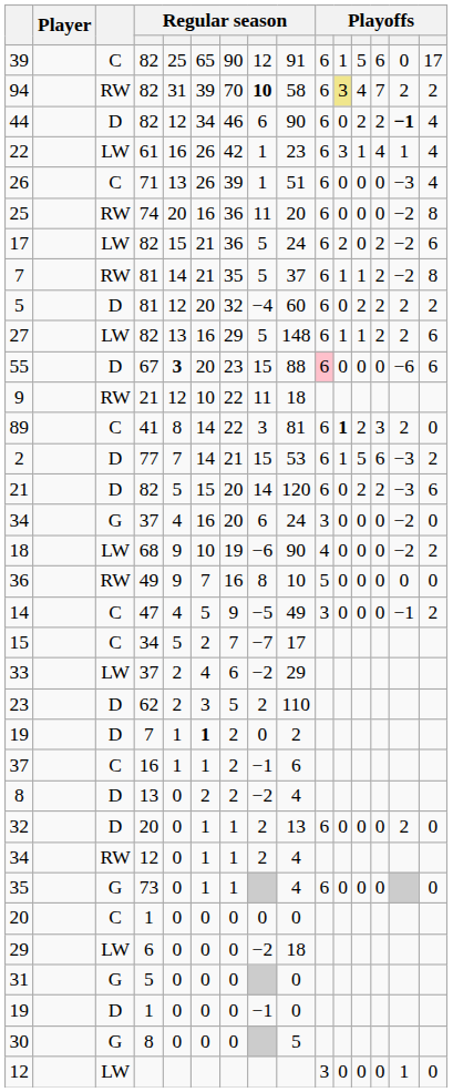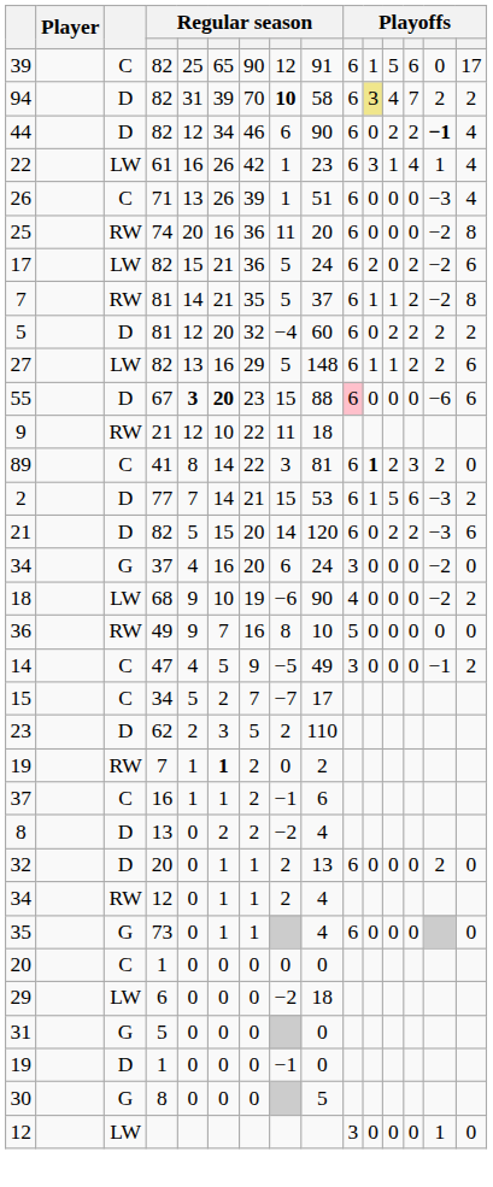 <table class="wikitable sortable plainrowheaders" style="text-align:center;">
 <tr>
 <th scope="col" data-sort-type="number" rowspan="2"></th>
 <th scope="col" rowspan="2">Player</th>
 <th scope="col" rowspan="2"></th>
 <th scope=colgroup colspan=6>Regular season</th>
 <th scope=colgroup colspan=6>Playoffs</th>
 </tr>
 <tr>
 <th scope="col" data-sort-type="number"></th>
 <th scope="col" data-sort-type="number"></th>
 <th scope="col" data-sort-type="number"></th>
 <th scope="col" data-sort-type="number"></th>
 <th scope="col" data-sort-type="number"></th>
 <th scope="col" data-sort-type="number"></th>
 <th scope="col" data-sort-type="number"></th>
 <th scope="col" data-sort-type="number"></th>
 <th scope="col" data-sort-type="number"></th>
 <th scope="col" data-sort-type="number"></th>
 <th scope="col" data-sort-type="number"></th>
 <th scope="col" data-sort-type="number"></th>
 </tr>
 <tr>
 <td scope="row">39</td>
 <td align="left"></td>
 <td>C</td>
 <td>82</td>
 <td>25</td>
 <td>65</td>
 <td>90</td>
 <td>12</td>
 <td>91</td>
 <td>6</td>
 <td>1</td>
 <td>5</td>
 <td>6</td>
 <td>0</td>
 <td>17</td>
 </tr>
 <tr>
 <td scope="row">94</td>
 <td align="left"></td>
-<td>RW</td>
+<td>D</td>
 <td>82</td>
 <td>31</td>
 <td>39</td>
 <td>70</td>
 <td><strong>10</strong></td>
 <td>58</td>
 <td>6</td>
 <td style="background: khaki;">3</td>
 <td>4</td>
 <td>7</td>
 <td>2</td>
 <td>2</td>
 </tr>
 <tr>
 <td scope="row">44</td>
 <td align="left"></td>
 <td>D</td>
 <td>82</td>
 <td>12</td>
 <td>34</td>
 <td>46</td>
 <td>6</td>
 <td>90</td>
 <td>6</td>
 <td>0</td>
 <td>2</td>
 <td>2</td>
 <td><strong>−1</strong></td>
 <td>4</td>
 </tr>
 <tr>
 <td scope="row">22</td>
 <td align="left"></td>
 <td>LW</td>
 <td>61</td>
 <td>16</td>
 <td>26</td>
 <td>42</td>
 <td>1</td>
 <td>23</td>
 <td>6</td>
 <td>3</td>
 <td>1</td>
 <td>4</td>
 <td>1</td>
 <td>4</td>
 </tr>
 <tr>
 <td scope="row">26</td>
 <td align="left"></td>
 <td>C</td>
 <td>71</td>
 <td>13</td>
 <td>26</td>
 <td>39</td>
 <td>1</td>
 <td>51</td>
 <td>6</td>
 <td>0</td>
 <td>0</td>
 <td>0</td>
 <td>−3</td>
 <td>4</td>
 </tr>
 <tr>
 <td scope="row">25</td>
 <td align="left"></td>
 <td>RW</td>
 <td>74</td>
 <td>20</td>
 <td>16</td>
 <td>36</td>
 <td>11</td>
 <td>20</td>
 <td>6</td>
 <td>0</td>
 <td>0</td>
 <td>0</td>
 <td>−2</td>
 <td>8</td>
 </tr>
 <tr>
 <td scope="row">17</td>
 <td align="left"></td>
 <td>LW</td>
 <td>82</td>
 <td>15</td>
 <td>21</td>
 <td>36</td>
 <td>5</td>
 <td>24</td>
 <td>6</td>
 <td>2</td>
 <td>0</td>
 <td>2</td>
 <td>−2</td>
 <td>6</td>
 </tr>
 <tr>
 <td scope="row">7</td>
 <td align="left"></td>
 <td>RW</td>
 <td>81</td>
 <td>14</td>
 <td>21</td>
 <td>35</td>
 <td>5</td>
 <td>37</td>
 <td>6</td>
 <td>1</td>
 <td>1</td>
 <td>2</td>
 <td>−2</td>
 <td>8</td>
 </tr>
 <tr>
 <td scope="row">5</td>
 <td align="left"></td>
 <td>D</td>
 <td>81</td>
 <td>12</td>
 <td>20</td>
 <td>32</td>
 <td>−4</td>
 <td>60</td>
 <td>6</td>
 <td>0</td>
 <td>2</td>
 <td>2</td>
 <td>2</td>
 <td>2</td>
 </tr>
 <tr>
 <td scope="row">27</td>
 <td align="left"></td>
 <td>LW</td>
 <td>82</td>
 <td>13</td>
 <td>16</td>
 <td>29</td>
 <td>5</td>
 <td>148</td>
 <td>6</td>
 <td>1</td>
 <td>1</td>
 <td>2</td>
 <td>2</td>
 <td>6</td>
 </tr>
 <tr>
 <td scope="row">55</td>
 <td align="left"></td>
 <td>D</td>
 <td>67</td>
 <td><strong>3</strong></td>
-<td>20</td>
+<td><strong>20</strong></td>
 <td>23</td>
 <td>15</td>
 <td>88</td>
 <td style="background: pink;">6</td>
 <td>0</td>
 <td>0</td>
 <td>0</td>
 <td>−6</td>
 <td>6</td>
 </tr>
 <tr>
 <td scope="row">9</td>
 <td align="left"></td>
 <td>RW</td>
 <td>21</td>
 <td>12</td>
 <td>10</td>
 <td>22</td>
 <td>11</td>
 <td>18</td>
 <td></td>
 <td></td>
 <td></td>
 <td></td>
 <td></td>
 <td></td>
 </tr>
 <tr>
 <td scope="row">89</td>
 <td align="left"></td>
 <td>C</td>
 <td>41</td>
 <td>8</td>
 <td>14</td>
 <td>22</td>
 <td>3</td>
 <td>81</td>
 <td>6</td>
 <td><strong>1</strong></td>
 <td>2</td>
 <td>3</td>
 <td>2</td>
 <td>0</td>
 </tr>
 <tr>
 <td scope="row">2</td>
 <td align="left"></td>
 <td>D</td>
 <td>77</td>
 <td>7</td>
 <td>14</td>
 <td>21</td>
 <td>15</td>
 <td>53</td>
 <td>6</td>
 <td>1</td>
 <td>5</td>
 <td>6</td>
 <td>−3</td>
 <td>2</td>
 </tr>
 <tr>
 <td scope="row">21</td>
 <td align="left"></td>
 <td>D</td>
 <td>82</td>
 <td>5</td>
 <td>15</td>
 <td>20</td>
 <td>14</td>
 <td>120</td>
 <td>6</td>
 <td>0</td>
 <td>2</td>
 <td>2</td>
 <td>−3</td>
 <td>6</td>
 </tr>
 <tr>
 <td scope="row">34</td>
 <td align="left"></td>
 <td>G</td>
 <td>37</td>
 <td>4</td>
 <td>16</td>
 <td>20</td>
 <td>6</td>
 <td>24</td>
 <td>3</td>
 <td>0</td>
 <td>0</td>
 <td>0</td>
 <td>−2</td>
 <td>0</td>
 </tr>
 <tr>
 <td scope="row">18</td>
 <td align="left"></td>
 <td>LW</td>
 <td>68</td>
 <td>9</td>
 <td>10</td>
 <td>19</td>
 <td>−6</td>
 <td>90</td>
 <td>4</td>
 <td>0</td>
 <td>0</td>
 <td>0</td>
 <td>−2</td>
 <td>2</td>
 </tr>
 <tr>
 <td scope="row">36</td>
 <td align="left"></td>
 <td>RW</td>
 <td>49</td>
 <td>9</td>
 <td>7</td>
 <td>16</td>
 <td>8</td>
 <td>10</td>
 <td>5</td>
 <td>0</td>
 <td>0</td>
 <td>0</td>
 <td>0</td>
 <td>0</td>
 </tr>
 <tr>
 <td scope="row">14</td>
 <td align="left"></td>
 <td>C</td>
 <td>47</td>
 <td>4</td>
 <td>5</td>
 <td>9</td>
 <td>−5</td>
 <td>49</td>
 <td>3</td>
 <td>0</td>
 <td>0</td>
 <td>0</td>
 <td>−1</td>
 <td>2</td>
 </tr>
 <tr>
 <td scope="row">15</td>
 <td align="left"></td>
 <td>C</td>
 <td>34</td>
 <td>5</td>
 <td>2</td>
 <td>7</td>
 <td>−7</td>
 <td>17</td>
 <td></td>
 <td></td>
 <td></td>
 <td></td>
 <td></td>
 <td></td>
 </tr>
 <tr>
-<td scope="row">33</td>
-<td align="left"></td>
-<td>LW</td>
-<td>37</td>
-<td>2</td>
-<td>4</td>
-<td>6</td>
-<td>−2</td>
-<td>29</td>
-<td></td>
-<td></td>
-<td></td>
-<td></td>
-<td></td>
-<td></td>
-</tr>
-<tr>
 <td scope="row">23</td>
 <td align="left"></td>
 <td>D</td>
 <td>62</td>
 <td>2</td>
 <td>3</td>
 <td>5</td>
 <td>2</td>
 <td>110</td>
 <td></td>
 <td></td>
 <td></td>
 <td></td>
 <td></td>
 <td></td>
 </tr>
 <tr>
 <td scope="row">19</td>
 <td align="left"></td>
-<td>D</td>
+<td>RW</td>
 <td>7</td>
 <td>1</td>
 <td><strong>1</strong></td>
 <td>2</td>
 <td>0</td>
 <td>2</td>
 <td></td>
 <td></td>
 <td></td>
 <td></td>
 <td></td>
 <td></td>
 </tr>
 <tr>
 <td scope="row">37</td>
 <td align="left"></td>
 <td>C</td>
 <td>16</td>
 <td>1</td>
 <td>1</td>
 <td>2</td>
 <td>−1</td>
 <td>6</td>
 <td></td>
 <td></td>
 <td></td>
 <td></td>
 <td></td>
 <td></td>
 </tr>
 <tr>
 <td scope="row">8</td>
 <td align="left"></td>
 <td>D</td>
 <td>13</td>
 <td>0</td>
 <td>2</td>
 <td>2</td>
 <td>−2</td>
 <td>4</td>
 <td></td>
 <td></td>
 <td></td>
 <td></td>
 <td></td>
 <td></td>
 </tr>
 <tr>
 <td scope="row">32</td>
 <td align="left"></td>
 <td>D</td>
 <td>20</td>
 <td>0</td>
 <td>1</td>
 <td>1</td>
 <td>2</td>
 <td>13</td>
 <td>6</td>
 <td>0</td>
 <td>0</td>
 <td>0</td>
 <td>2</td>
 <td>0</td>
 </tr>
 <tr>
 <td scope="row">34</td>
 <td align="left"></td>
 <td>RW</td>
 <td>12</td>
 <td>0</td>
 <td>1</td>
 <td>1</td>
 <td>2</td>
 <td>4</td>
 <td></td>
 <td></td>
 <td></td>
 <td></td>
 <td></td>
 <td></td>
 </tr>
 <tr>
 <td scope="row">35</td>
 <td align="left"></td>
 <td>G</td>
 <td>73</td>
 <td>0</td>
 <td>1</td>
 <td>1</td>
 <td style="background:#ccc"></td>
 <td>4</td>
 <td>6</td>
 <td>0</td>
 <td>0</td>
 <td>0</td>
 <td style="background:#ccc"></td>
 <td>0</td>
 </tr>
 <tr>
 <td scope="row">20</td>
 <td align="left"></td>
 <td>C</td>
 <td>1</td>
 <td>0</td>
 <td>0</td>
 <td>0</td>
 <td>0</td>
 <td>0</td>
 <td></td>
 <td></td>
 <td></td>
 <td></td>
 <td></td>
 <td></td>
 </tr>
 <tr>
 <td scope="row">29</td>
 <td align="left"></td>
 <td>LW</td>
 <td>6</td>
 <td>0</td>
 <td>0</td>
 <td>0</td>
 <td>−2</td>
 <td>18</td>
 <td></td>
 <td></td>
 <td></td>
 <td></td>
 <td></td>
 <td></td>
 </tr>
 <tr>
 <td scope="row">31</td>
 <td align="left"></td>
 <td>G</td>
 <td>5</td>
 <td>0</td>
 <td>0</td>
 <td>0</td>
 <td style="background:#ccc"></td>
 <td>0</td>
 <td></td>
 <td></td>
 <td></td>
 <td></td>
 <td></td>
 <td></td>
 </tr>
 <tr>
 <td scope="row">19</td>
 <td align="left"></td>
 <td>D</td>
 <td>1</td>
 <td>0</td>
 <td>0</td>
 <td>0</td>
 <td>−1</td>
 <td>0</td>
 <td></td>
 <td></td>
 <td></td>
 <td></td>
 <td></td>
 <td></td>
 </tr>
 <tr>
 <td scope="row">30</td>
 <td align="left"></td>
 <td>G</td>
 <td>8</td>
 <td>0</td>
 <td>0</td>
 <td>0</td>
 <td style="background:#ccc"></td>
 <td>5</td>
 <td></td>
 <td></td>
 <td></td>
 <td></td>
 <td></td>
 <td></td>
 </tr>
 <tr>
 <td scope="row">12</td>
 <td align="left"></td>
 <td>LW</td>
 <td></td>
 <td></td>
 <td></td>
 <td></td>
 <td></td>
 <td></td>
 <td>3</td>
 <td>0</td>
 <td>0</td>
 <td>0</td>
 <td>1</td>
 <td>0</td>
 </tr>
 </table>
